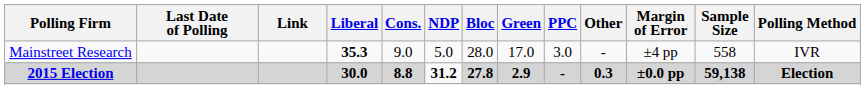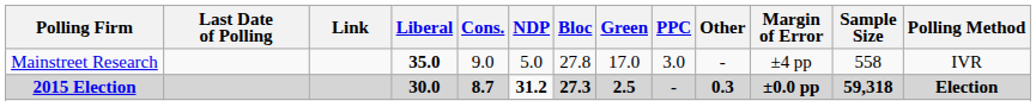 <table class="wikitable sortable" style="text-align:center;font-size:90%;line-height:14px;">
 <tr style="background:#e9e9e9;">
 <th style="width:120px">Polling Firm</th>
 <th style="width:110px">Last Date<br>of Polling</th>
 <th style="width:60px" class="unsortable">Link</th>
 <th style="background-color:"><strong><a href='#'>Liberal</a></strong></th>
 <th style="background-color:"><strong><a href='#'>Cons.</a></strong></th>
 <th style="background-color:"><strong><a href='#'>NDP</a></strong></th>
 <th style="background-color:"><strong><a href='#'>Bloc</a></strong></th>
 <th style="background-color:"><strong><a href='#'>Green</a></strong></th>
 <th style="background-color:"><strong><a href='#'>PPC</a></strong></th>
 <th style="background-color:"><strong>Other</strong></th>
 <th style="width:60px;" class=unsortable>Margin<br>of Error</th>
 <th style="width:50px;" class=unsortable>Sample<br>Size</th>
 <th class=unsortable>Polling Method</th>
 </tr>
 <tr>
 <td><a href='#'>Mainstreet Research</a></td>
 <td></td>
 <td></td>
-<td><strong>35.3</strong></td>
+<td><strong>35.0</strong></td>
 <td>9.0</td>
 <td>5.0</td>
-<td>28.0</td>
+<td>27.8</td>
 <td>17.0</td>
 <td>3.0</td>
 <td>-</td>
 <td>±4 pp</td>
 <td>558</td>
 <td>IVR</td>
 </tr>
 <tr>
 <td style="background:#D5D5D5"><strong><a href='#'>2015 Election</a></strong></td>
 <td style="background:#D5D5D5"><strong></strong></td>
 <td style="background:#D5D5D5"></td>
 <td style="background:#D5D5D5"><strong>30.0</strong></td>
-<td style="background:#D5D5D5"><strong>8.8</strong></td>
+<td style="background:#D5D5D5"><strong>8.7</strong></td>
 <td><strong>31.2</strong></td>
-<td style="background:#D5D5D5"><strong>27.8</strong></td>
-<td style="background:#D5D5D5"><strong>2.9</strong></td>
+<td style="background:#D5D5D5"><strong>27.3</strong></td>
+<td style="background:#D5D5D5"><strong>2.5</strong></td>
 <td style="background:#D5D5D5"><strong>-</strong></td>
 <td style="background:#D5D5D5"><strong>0.3</strong></td>
 <td style="background:#D5D5D5"><strong>±0.0 pp</strong></td>
-<td style="background:#D5D5D5"><strong>59,138</strong></td>
+<td style="background:#D5D5D5"><strong>59,318</strong></td>
 <td style="background:#D5D5D5"><strong>Election</strong></td>
 </tr>
 <tr>
 </tr>
 <tr>
 </tr>
 </table>
